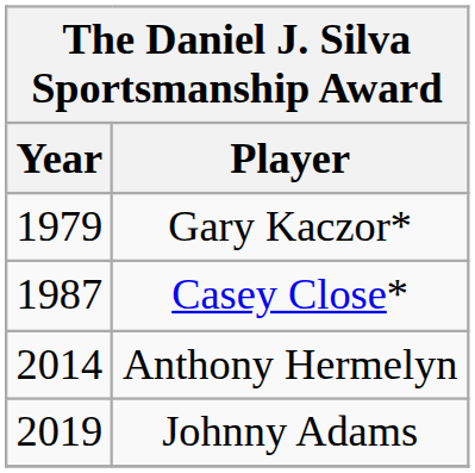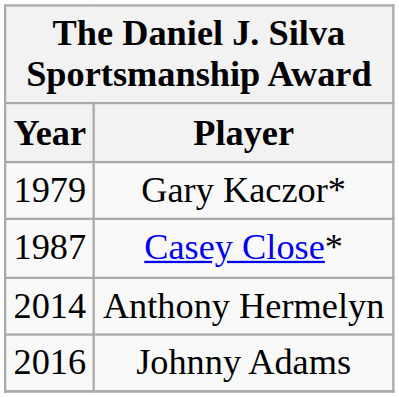 <table class="wikitable" style="display: inline-table; margin-right: 20px; text-align:center">
 <tr>
 <th scope="col" colspan="2" style="width: 145px;">The Daniel J. Silva Sportsmanship Award</th>
 </tr>
 <tr>
 <th scope="col">Year</th>
 <th scope="col">Player</th>
 </tr>
 <tr>
 <td>1979</td>
 <td>Gary Kaczor*</td>
 </tr>
 <tr>
 <td>1987</td>
 <td><a href='#'>Casey Close</a>*</td>
 </tr>
 <tr>
 <td>2014</td>
 <td>Anthony Hermelyn</td>
 </tr>
 <tr>
-<td>2019</td>
+<td>2016</td>
 <td>Johnny Adams</td>
 </tr>
 <tr>
 </tr>
 </table>
